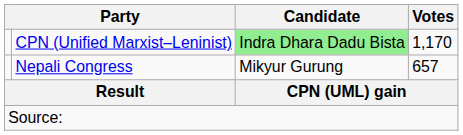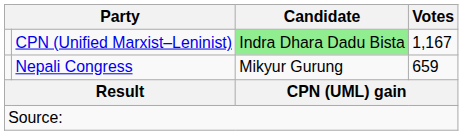 <table class="wikitable">
 <tr>
 <th colspan="2">Party</th>
 <th>Candidate</th>
 <th>Votes</th>
 </tr>
 <tr>
 <td style="background-color:"></td>
 <td><a href='#'>CPN (Unified Marxist–Leninist)</a></td>
 <td style="background: lightgreen;">Indra Dhara Dadu Bista</td>
-<td>1,170</td>
+<td>1,167</td>
 </tr>
 <tr>
 <td style="background-color:"></td>
 <td><a href='#'>Nepali Congress</a></td>
 <td>Mikyur Gurung</td>
-<td>657</td>
+<td>659</td>
 </tr>
 <tr>
 <th colspan="2">Result</th>
 <th colspan="2">CPN (UML) gain</th>
 </tr>
 <tr>
 <td colspan="4">Source: </td>
 </tr>
 </table>
